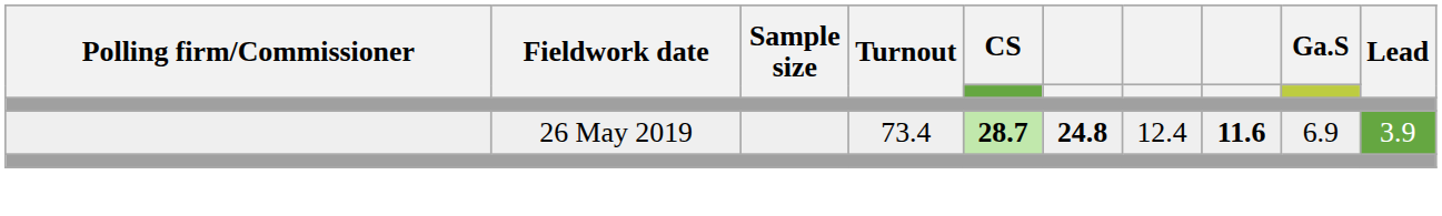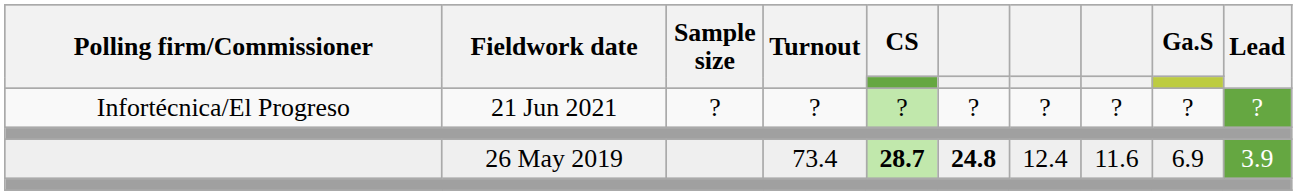 <table class="wikitable collapsible collapsed" style="text-align:center; font-size:95%; line-height:16px;">
 <tr style="height:42px;">
 <th style="width:250px;" rowspan="2">Polling firm/Commissioner</th>
 <th style="width:125px;" rowspan="2">Fieldwork date</th>
 <th style="width:50px;" rowspan="2">Sample size</th>
 <th style="width:45px;" rowspan="2">Turnout</th>
 <th style="width:35px;">CS</th>
 <th style="width:35px;"></th>
 <th style="width:35px;"></th>
 <th style="width:35px;"></th>
 <th style="width:35px; font-size:95%;">Ga.S</th>
 <th style="width:30px;" rowspan="2">Lead</th>
 </tr>
 <tr>
 <th style="color:inherit;background:#65A741;"></th>
 <th style="color:inherit;background:"></th>
 <th style="color:inherit;background:"></th>
 <th style="color:inherit;background:"></th>
 <th style="color:inherit;background:#BDCC41;"></th>
 </tr>
 <tr>
+<td>Infortécnica/El Progreso</td>
+<td>21 Jun 2021</td>
+<td>?</td>
+<td>?</td>
+<td style="background:#C1E8AC;">?<br></td>
+<td>?<br></td>
+<td>?<br></td>
+<td>?<br></td>
+<td>?<br></td>
+<td style="background:#65A741; color:white;">?</td>
+</tr>
+<tr>
 <td colspan="10" style="background:#A0A0A0"></td>
 </tr>
 <tr style="background:#EFEFEF;">
 <td><strong></strong></td>
 <td>26 May 2019</td>
 <td></td>
 <td>73.4</td>
 <td style="background:#C1E8AC;"><strong>28.7</strong><br></td>
 <td><strong>24.8<br></strong></td>
 <td>12.4<br></td>
-<td><strong>11.6<br></strong></td>
+<td>11.6<br></td>
 <td>6.9<br></td>
 <td style="background:#65A741; color:white;">3.9</td>
 </tr>
 <tr>
 <td colspan="10" style="background:#A0A0A0"></td>
 </tr>
 </table>
